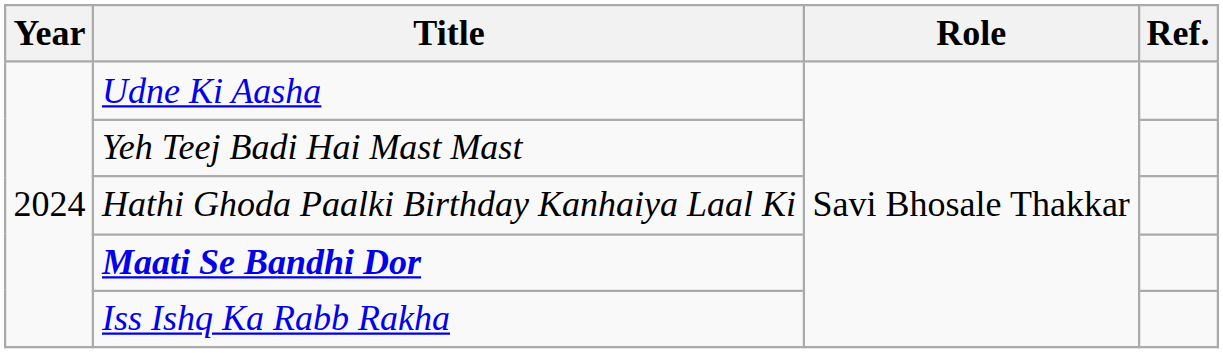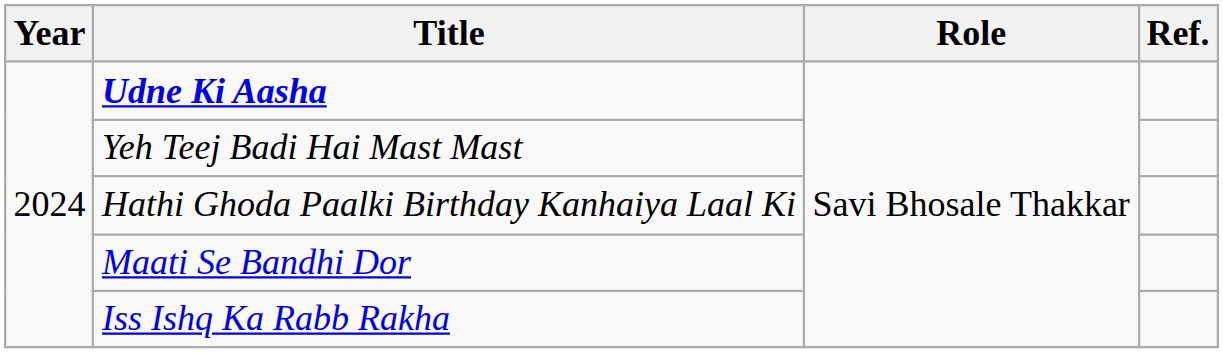 <table class="wikitable">
 <tr>
 <th>Year</th>
 <th>Title</th>
 <th>Role</th>
 <th scope="col" class="unsortable">Ref.</th>
 </tr>
 <tr>
 <td rowspan="5">2024</td>
-<td><em><a href='#'>Udne Ki Aasha</a></em></td>
+<td><strong><em><a href='#'>Udne Ki Aasha</a></em></strong></td>
 <td rowspan="5">Savi Bhosale Thakkar</td>
 <td></td>
 </tr>
 <tr>
 <td><em>Yeh Teej Badi Hai Mast Mast</em></td>
 <td></td>
 </tr>
 <tr>
 <td><em>Hathi Ghoda Paalki Birthday Kanhaiya Laal Ki</em></td>
 <td></td>
 </tr>
 <tr>
-<td><strong><em><a href='#'>Maati Se Bandhi Dor</a></em></strong></td>
+<td><em><a href='#'>Maati Se Bandhi Dor</a></em></td>
 <td></td>
 </tr>
 <tr>
 <td><em><a href='#'>Iss Ishq Ka Rabb Rakha</a></em></td>
 <td></td>
 </tr>
 </table>
